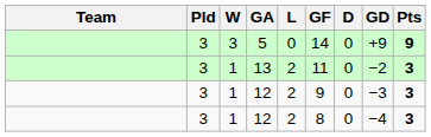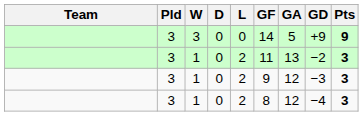 <table class="wikitable" style="text-align: center;">
 <tr>
 <th width="175">Team</th>
 <th width="20">Pld</th>
 <th width="20">W</th>
-<th width="20">GA</th>
+<th width="20">D</th>
 <th width="20">L</th>
 <th width="20">GF</th>
-<th width="20">D</th>
+<th width="20">GA</th>
 <th width="20">GD</th>
 <th width="20">Pts</th>
 </tr>
 <tr bgcolor=#ccffcc>
 <td align=left></td>
 <td>3</td>
 <td>3</td>
-<td>5</td>
+<td>0</td>
 <td>0</td>
 <td>14</td>
-<td>0</td>
+<td>5</td>
 <td>+9</td>
 <td><strong>9</strong></td>
 </tr>
 <tr bgcolor=#ccffcc>
 <td align=left></td>
 <td>3</td>
 <td>1</td>
-<td>13</td>
+<td>0</td>
 <td>2</td>
 <td>11</td>
-<td>0</td>
+<td>13</td>
 <td>−2</td>
 <td><strong>3</strong></td>
 </tr>
 <tr>
 <td align=left></td>
 <td>3</td>
 <td>1</td>
-<td>12</td>
+<td>0</td>
 <td>2</td>
 <td>9</td>
-<td>0</td>
+<td>12</td>
 <td>−3</td>
 <td><strong>3</strong></td>
 </tr>
 <tr>
 <td align=left></td>
 <td>3</td>
 <td>1</td>
-<td>12</td>
+<td>0</td>
 <td>2</td>
 <td>8</td>
-<td>0</td>
+<td>12</td>
 <td>−4</td>
 <td><strong>3</strong></td>
 </tr>
 </table>
